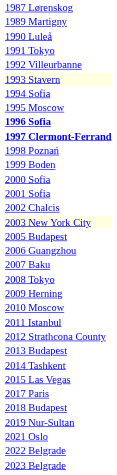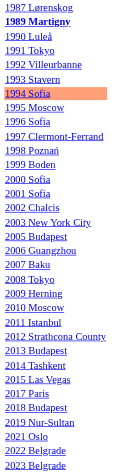 <table>
 <tr>
 <td><a href='#'>1987 Lørenskog</a></td>
 <td></td>
 <td></td>
 <td></td>
 </tr>
 <tr>
-<td><a href='#'>1989 Martigny</a></td>
+<td><strong><a href='#'>1989 Martigny</a></strong></td>
 <td></td>
 <td></td>
 <td></td>
 </tr>
 <tr>
 <td><a href='#'>1990 Luleå</a></td>
 <td></td>
 <td></td>
 <td></td>
 </tr>
 <tr>
 <td><a href='#'>1991 Tokyo</a></td>
 <td></td>
 <td></td>
 <td></td>
 </tr>
 <tr>
 <td><a href='#'>1992 Villeurbanne</a></td>
 <td></td>
 <td></td>
 <td></td>
 </tr>
 <tr>
-<td style="background: lightyellow;"><a href='#'>1993 Stavern</a></td>
+<td><a href='#'>1993 Stavern</a></td>
 <td></td>
 <td></td>
 <td></td>
 </tr>
 <tr>
-<td><a href='#'>1994 Sofia</a></td>
+<td style="background: lightsalmon;"><a href='#'>1994 Sofia</a></td>
 <td></td>
 <td></td>
 <td></td>
 </tr>
 <tr>
 <td><a href='#'>1995 Moscow</a></td>
 <td></td>
 <td></td>
 <td></td>
 </tr>
 <tr>
-<td><strong><a href='#'>1996 Sofia</a></strong></td>
+<td><a href='#'>1996 Sofia</a></td>
 <td></td>
 <td></td>
 <td></td>
 </tr>
 <tr>
-<td><strong><a href='#'>1997 Clermont-Ferrand</a></strong></td>
+<td><a href='#'>1997 Clermont-Ferrand</a></td>
 <td></td>
 <td></td>
 <td></td>
 </tr>
 <tr>
 <td><a href='#'>1998 Poznań</a></td>
 <td></td>
 <td></td>
 <td></td>
 </tr>
 <tr>
 <td><a href='#'>1999 Boden</a></td>
 <td></td>
 <td></td>
 <td></td>
 </tr>
 <tr>
 <td><a href='#'>2000 Sofia</a></td>
 <td></td>
 <td></td>
 <td></td>
 </tr>
 <tr>
 <td><a href='#'>2001 Sofia</a></td>
 <td></td>
 <td></td>
 <td></td>
 </tr>
 <tr>
 <td><a href='#'>2002 Chalcis</a></td>
 <td></td>
 <td></td>
 <td></td>
 </tr>
 <tr>
-<td style="background: lightyellow;"><a href='#'>2003 New York City</a></td>
+<td><a href='#'>2003 New York City</a></td>
 <td></td>
 <td></td>
 <td></td>
 </tr>
 <tr>
 <td rowspan=2><a href='#'>2005 Budapest</a></td>
 <td rowspan=2></td>
 <td rowspan=2></td>
 <td></td>
 </tr>
 <tr>
 <td></td>
 </tr>
 <tr>
 <td rowspan=2><a href='#'>2006 Guangzhou</a></td>
 <td rowspan=2></td>
 <td rowspan=2></td>
 <td></td>
 </tr>
 <tr>
 <td></td>
 </tr>
 <tr>
 <td rowspan=2><a href='#'>2007 Baku</a></td>
 <td rowspan=2></td>
 <td rowspan=2></td>
 <td></td>
 </tr>
 <tr>
 <td></td>
 </tr>
 <tr>
 <td rowspan=2><a href='#'>2008 Tokyo</a></td>
 <td rowspan=2></td>
 <td rowspan=2></td>
 <td></td>
 </tr>
 <tr>
 <td></td>
 </tr>
 <tr>
 <td rowspan=2><a href='#'>2009 Herning</a></td>
 <td rowspan=2></td>
 <td rowspan=2></td>
 <td></td>
 </tr>
 <tr>
 <td></td>
 </tr>
 <tr>
 <td rowspan=2><a href='#'>2010 Moscow</a></td>
 <td rowspan=2></td>
 <td rowspan=2></td>
 <td></td>
 </tr>
 <tr>
 <td></td>
 </tr>
 <tr>
 <td rowspan=2><a href='#'>2011 Istanbul</a></td>
 <td rowspan=2></td>
 <td rowspan=2></td>
 <td></td>
 </tr>
 <tr>
 <td></td>
 </tr>
 <tr>
 <td rowspan=2><a href='#'>2012 Strathcona County</a></td>
 <td rowspan=2></td>
 <td rowspan=2></td>
 <td></td>
 </tr>
 <tr>
 <td></td>
 </tr>
 <tr>
 <td rowspan=2><a href='#'>2013 Budapest</a></td>
 <td rowspan=2></td>
 <td rowspan=2></td>
 <td></td>
 </tr>
 <tr>
 <td></td>
 </tr>
 <tr>
 <td rowspan=2><a href='#'>2014 Tashkent</a></td>
 <td rowspan=2></td>
 <td rowspan=2></td>
 <td></td>
 </tr>
 <tr>
 <td></td>
 </tr>
 <tr>
 <td rowspan=2><a href='#'>2015 Las Vegas</a></td>
 <td rowspan=2></td>
 <td rowspan=2></td>
 <td></td>
 </tr>
 <tr>
 <td></td>
 </tr>
 <tr>
 <td rowspan=2><a href='#'>2017 Paris</a></td>
 <td rowspan=2></td>
 <td rowspan=2></td>
 <td></td>
 </tr>
 <tr>
 <td></td>
 </tr>
 <tr>
 <td rowspan=2><a href='#'>2018 Budapest</a></td>
 <td rowspan=2></td>
 <td rowspan=2></td>
 <td></td>
 </tr>
 <tr>
 <td></td>
 </tr>
 <tr>
 <td rowspan=2><a href='#'>2019 Nur-Sultan</a></td>
 <td rowspan=2></td>
 <td rowspan=2></td>
 <td></td>
 </tr>
 <tr>
 <td></td>
 </tr>
 <tr>
 <td rowspan=2><a href='#'>2021 Oslo</a></td>
 <td rowspan=2></td>
 <td rowspan=2></td>
 <td></td>
 </tr>
 <tr>
 <td></td>
 </tr>
 <tr>
 <td rowspan=2><a href='#'>2022 Belgrade</a></td>
 <td rowspan=2></td>
 <td rowspan=2></td>
 <td></td>
 </tr>
 <tr>
 <td></td>
 </tr>
 <tr>
 <td rowspan=2><a href='#'>2023 Belgrade</a></td>
 <td rowspan=2></td>
 <td rowspan=2></td>
 <td></td>
 </tr>
 <tr>
 <td></td>
 </tr>
 </table>
